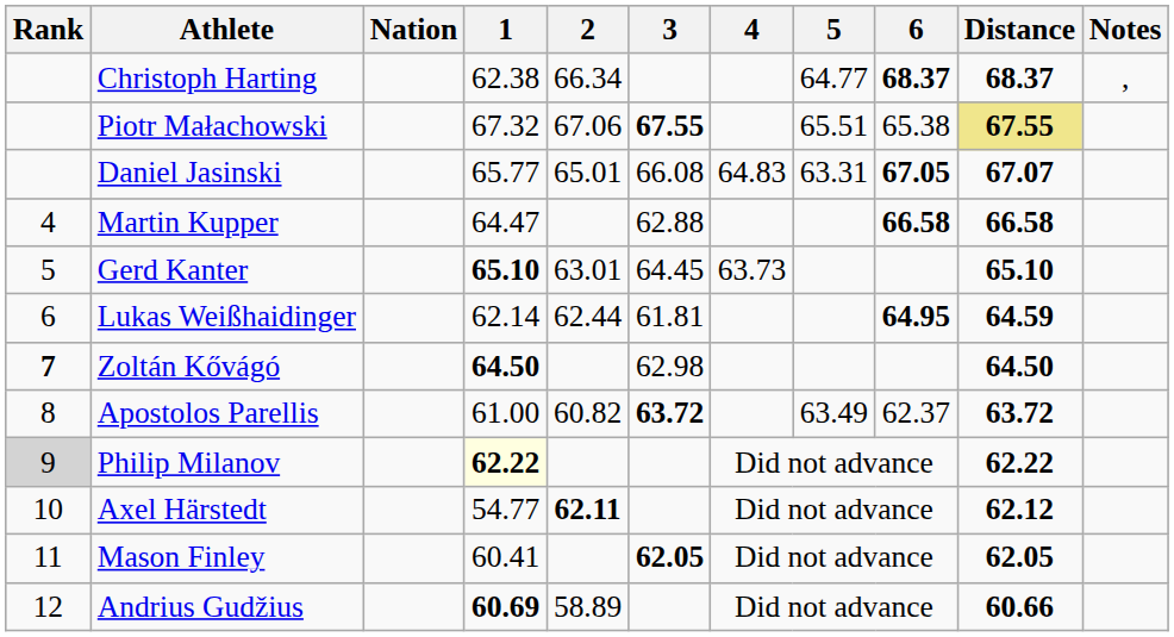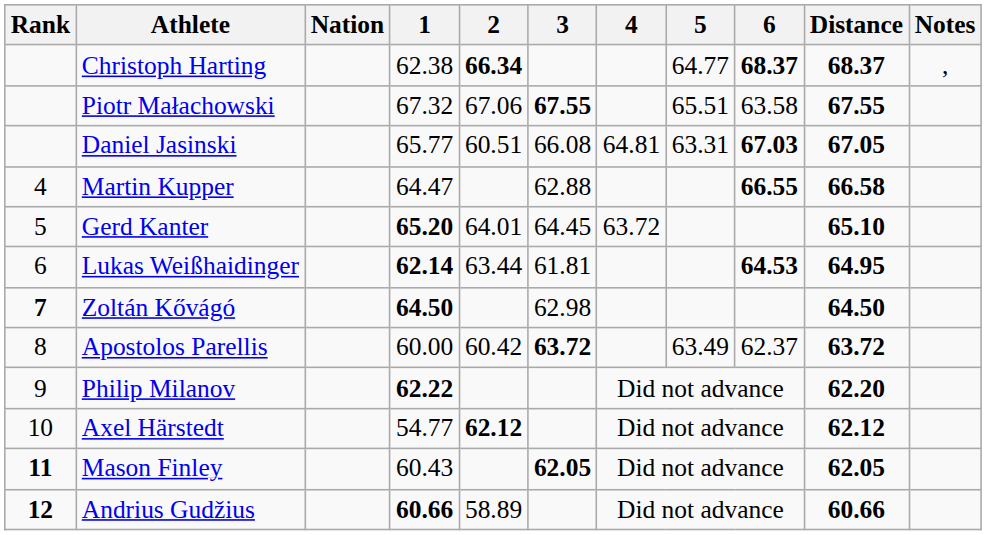 <table class="wikitable sortable" style="text-align:center">
 <tr>
 <th>Rank</th>
 <th>Athlete</th>
 <th>Nation</th>
 <th>1</th>
 <th>2</th>
 <th>3</th>
 <th>4</th>
 <th>5</th>
 <th>6</th>
 <th>Distance</th>
 <th>Notes</th>
 </tr>
 <tr>
 <td></td>
 <td align="left"><a href='#'>Christoph Harting</a></td>
 <td align="left"></td>
 <td>62.38</td>
-<td>66.34</td>
+<td><strong>66.34</strong></td>
 <td></td>
 <td></td>
 <td>64.77</td>
 <td><strong>68.37</strong></td>
 <td><strong>68.37</strong></td>
 <td>, </td>
 </tr>
 <tr>
 <td></td>
 <td align="left"><a href='#'>Piotr Małachowski</a></td>
 <td align="left"></td>
 <td>67.32</td>
 <td>67.06</td>
 <td><strong>67.55</strong></td>
 <td></td>
 <td>65.51</td>
-<td>65.38</td>
-<td style="background: khaki;"><strong>67.55</strong></td>
+<td>63.58</td>
+<td><strong>67.55</strong></td>
 <td></td>
 </tr>
 <tr>
 <td></td>
 <td align="left"><a href='#'>Daniel Jasinski</a></td>
 <td align="left"></td>
 <td>65.77</td>
-<td>65.01</td>
+<td>60.51</td>
 <td>66.08</td>
-<td>64.83</td>
+<td>64.81</td>
 <td>63.31</td>
+<td><strong>67.03</strong></td>
 <td><strong>67.05</strong></td>
-<td><strong>67.07</strong></td>
 <td></td>
 </tr>
 <tr>
 <td>4</td>
 <td align="left"><a href='#'>Martin Kupper</a></td>
 <td align="left"></td>
 <td>64.47</td>
 <td></td>
 <td>62.88</td>
 <td></td>
 <td></td>
-<td><strong>66.58</strong></td>
+<td><strong>66.55</strong></td>
 <td><strong>66.58</strong></td>
 <td></td>
 </tr>
 <tr>
 <td>5</td>
 <td align="left"><a href='#'>Gerd Kanter</a></td>
 <td align="left"></td>
-<td><strong>65.10</strong></td>
-<td>63.01</td>
+<td><strong>65.20</strong></td>
+<td>64.01</td>
 <td>64.45</td>
-<td>63.73</td>
+<td>63.72</td>
 <td></td>
 <td></td>
 <td><strong>65.10</strong></td>
 <td></td>
 </tr>
 <tr>
 <td>6</td>
 <td align="left"><a href='#'>Lukas Weißhaidinger</a></td>
 <td align="left"></td>
-<td>62.14</td>
-<td>62.44</td>
+<td><strong>62.14</strong></td>
+<td>63.44</td>
 <td>61.81</td>
 <td></td>
 <td></td>
+<td><strong>64.53</strong></td>
 <td><strong>64.95</strong></td>
-<td><strong>64.59</strong></td>
 <td></td>
 </tr>
 <tr>
 <td><strong>7</strong></td>
 <td align="left"><a href='#'>Zoltán Kővágó</a></td>
 <td align="left"></td>
 <td><strong>64.50</strong></td>
 <td></td>
 <td>62.98</td>
 <td></td>
 <td></td>
 <td></td>
 <td><strong>64.50</strong></td>
 <td></td>
 </tr>
 <tr>
 <td>8</td>
 <td align="left"><a href='#'>Apostolos Parellis</a></td>
 <td align="left"></td>
-<td>61.00</td>
-<td>60.82</td>
+<td>60.00</td>
+<td>60.42</td>
 <td><strong>63.72</strong></td>
 <td></td>
 <td>63.49</td>
 <td>62.37</td>
 <td><strong>63.72</strong></td>
 <td></td>
 </tr>
 <tr>
-<td style="background: lightgrey;">9</td>
+<td>9</td>
 <td align="left"><a href='#'>Philip Milanov</a></td>
 <td align="left"></td>
-<td style="background: lightyellow;"><strong>62.22</strong></td>
+<td><strong>62.22</strong></td>
 <td></td>
 <td></td>
 <td colspan=3>Did not advance</td>
-<td><strong>62.22</strong></td>
+<td><strong>62.20</strong></td>
 <td></td>
 </tr>
 <tr>
 <td>10</td>
 <td align="left"><a href='#'>Axel Härstedt</a></td>
 <td align="left"></td>
 <td>54.77</td>
-<td><strong>62.11</strong></td>
+<td><strong>62.12</strong></td>
 <td></td>
 <td colspan=3>Did not advance</td>
 <td><strong>62.12</strong></td>
 <td></td>
 </tr>
 <tr>
-<td>11</td>
+<td><strong>11</strong></td>
 <td align="left"><a href='#'>Mason Finley</a></td>
 <td align="left"></td>
-<td>60.41</td>
+<td>60.43</td>
 <td></td>
 <td><strong>62.05</strong></td>
 <td colspan=3>Did not advance</td>
 <td><strong>62.05</strong></td>
 <td></td>
 </tr>
 <tr>
-<td>12</td>
+<td><strong>12</strong></td>
 <td align="left"><a href='#'>Andrius Gudžius</a></td>
 <td align="left"></td>
-<td><strong>60.69</strong></td>
+<td><strong>60.66</strong></td>
 <td>58.89</td>
 <td></td>
 <td colspan=3>Did not advance</td>
 <td><strong>60.66</strong></td>
 <td></td>
 </tr>
 </table>
